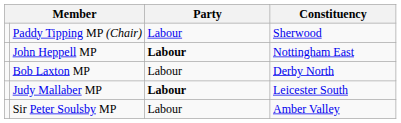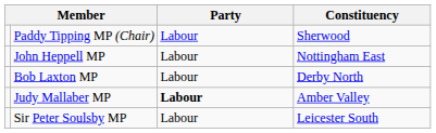 <table class="wikitable">
 <tr>
 <th width="160px" colspan="2">Member</th>
 <th width="160px" colspan="1">Party</th>
 <th width="160px" colspan="2">Constituency</th>
 </tr>
 <tr>
 <td style="color:inherit;background:"></td>
 <td><a href='#'>Paddy Tipping</a> MP <em>(Chair)</em></td>
 <td><a href='#'>Labour</a></td>
 <td><a href='#'>Sherwood</a></td>
 </tr>
 <tr>
 <td style="color:inherit;background:"></td>
 <td><a href='#'>John Heppell</a> MP</td>
-<td><strong>Labour</strong></td>
+<td>Labour</td>
 <td><a href='#'>Nottingham East</a></td>
 </tr>
 <tr>
 <td style="color:inherit;background:"></td>
 <td><a href='#'>Bob Laxton</a> MP</td>
 <td>Labour</td>
 <td><a href='#'>Derby North</a></td>
 </tr>
 <tr>
 <td style="color:inherit;background:"></td>
 <td><a href='#'>Judy Mallaber</a> MP</td>
 <td><strong>Labour</strong></td>
-<td><a href='#'>Leicester South</a></td>
+<td><a href='#'>Amber Valley</a></td>
 </tr>
 <tr>
 <td style="color:inherit;background:"></td>
 <td>Sir <a href='#'>Peter Soulsby</a> MP</td>
 <td>Labour</td>
-<td><a href='#'>Amber Valley</a></td>
+<td><a href='#'>Leicester South</a></td>
 </tr>
 </table>
